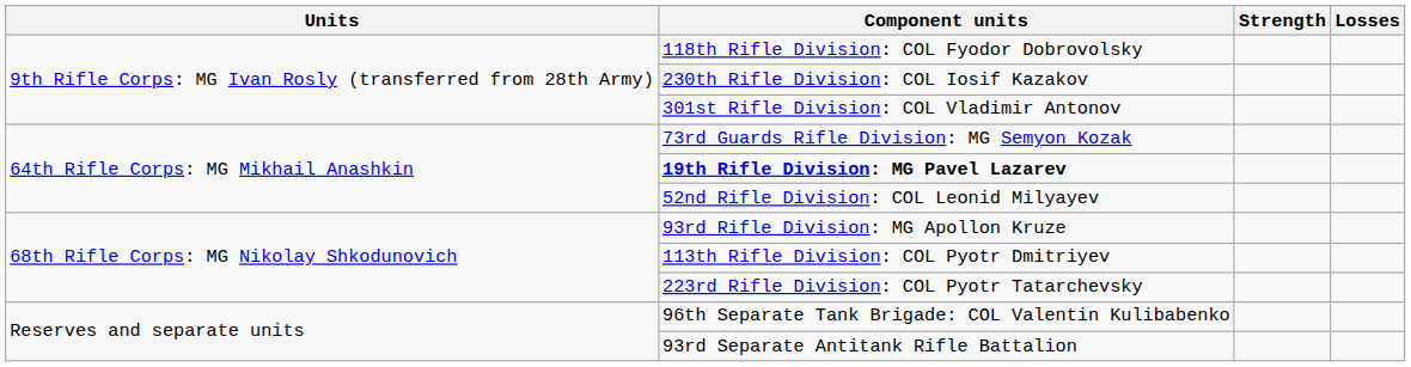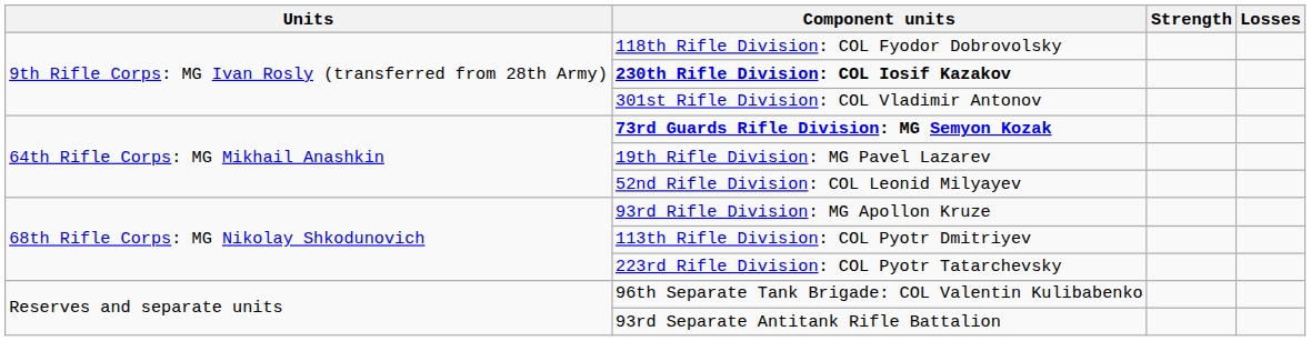 <table class="wikitable">
 <tr>
 <th>Units</th>
 <th>Component units</th>
 <th>Strength</th>
 <th>Losses</th>
 </tr>
 <tr>
 <td rowspan="3"><a href='#'>9th Rifle Corps</a>: MG <a href='#'>Ivan Rosly</a> (transferred from 28th Army)</td>
 <td><a href='#'>118th Rifle Division</a>: COL Fyodor Dobrovolsky</td>
 <td></td>
 <td></td>
 </tr>
 <tr>
-<td><a href='#'>230th Rifle Division</a>: COL Iosif Kazakov</td>
+<td><strong><a href='#'>230th Rifle Division</a>: COL Iosif Kazakov</strong></td>
 <td></td>
 <td></td>
 </tr>
 <tr>
 <td><a href='#'>301st Rifle Division</a>: COL Vladimir Antonov</td>
 <td></td>
 <td></td>
 </tr>
 <tr>
 <td rowspan="3"><a href='#'>64th Rifle Corps</a>: MG <a href='#'>Mikhail Anashkin</a></td>
-<td><a href='#'>73rd Guards Rifle Division</a>: MG <a href='#'>Semyon Kozak</a></td>
+<td><strong><a href='#'>73rd Guards Rifle Division</a>: MG <a href='#'>Semyon Kozak</a></strong></td>
 <td></td>
 <td></td>
 </tr>
 <tr>
-<td><strong><a href='#'>19th Rifle Division</a>: MG Pavel Lazarev</strong></td>
+<td><a href='#'>19th Rifle Division</a>: MG Pavel Lazarev</td>
 <td></td>
 <td></td>
 </tr>
 <tr>
 <td><a href='#'>52nd Rifle Division</a>: COL Leonid Milyayev</td>
 <td></td>
 <td></td>
 </tr>
 <tr>
 <td rowspan="3"><a href='#'>68th Rifle Corps</a>: MG <a href='#'>Nikolay Shkodunovich</a></td>
 <td><a href='#'>93rd Rifle Division</a>: MG Apollon Kruze</td>
 <td></td>
 <td></td>
 </tr>
 <tr>
 <td><a href='#'>113th Rifle Division</a>: COL Pyotr Dmitriyev</td>
 <td></td>
 <td></td>
 </tr>
 <tr>
 <td><a href='#'>223rd Rifle Division</a>: COL Pyotr Tatarchevsky</td>
 <td></td>
 <td></td>
 </tr>
 <tr>
 <td rowspan="2">Reserves and separate units</td>
 <td>96th Separate Tank Brigade: COL Valentin Kulibabenko</td>
 <td></td>
 <td></td>
 </tr>
 <tr>
 <td>93rd Separate Antitank Rifle Battalion</td>
 <td></td>
 <td></td>
 </tr>
 </table>
